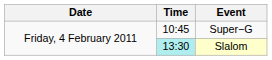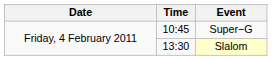 <table class = "wikitable" style="text-align:center;">
 <tr>
 <th width=220>Date</th>
 <th width=50>Time</th>
 <th width=100>Event</th>
 </tr>
 <tr>
 <td rowspan=2>Friday, 4 February 2011</td>
 <td>10:45</td>
 <td>Super−G</td>
 </tr>
 <tr>
-<td style="background: paleturquoise;">13:30</td>
+<td>13:30</td>
 <td bgcolor=ffffcc>Slalom</td>
 </tr>
 </table>
